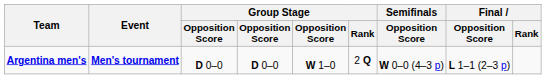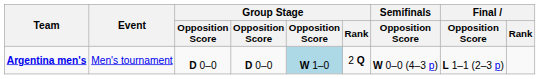 <table class="wikitable" style="font-size:90%;text-align:center">
 <tr>
 <th rowspan="2">Team</th>
 <th rowspan="2">Event</th>
 <th colspan="4">Group Stage</th>
 <th>Semifinals</th>
 <th colspan="2">Final / </th>
 </tr>
 <tr style="font-size:95%">
 <th>Opposition<br>Score</th>
 <th>Opposition<br>Score</th>
 <th>Opposition<br>Score</th>
 <th>Rank</th>
 <th>Opposition<br>Score</th>
 <th>Opposition<br>Score</th>
 <th>Rank</th>
 </tr>
 <tr>
 <td align=left><strong><a href='#'>Argentina men's</a></strong></td>
-<td align=left><strong><a href='#'>Men's tournament</a></strong></td>
+<td align=left><a href='#'>Men's tournament</a></td>
 <td><br><strong>D</strong> 0–0</td>
 <td><br><strong>D</strong> 0–0</td>
-<td><br><strong>W</strong> 1–0</td>
+<td style="background: lightblue;"><br><strong>W</strong> 1–0</td>
 <td>2 <strong>Q</strong></td>
 <td><br><strong>W</strong> 0–0 (4–3 <a href='#'>p</a>)</td>
 <td><br><strong>L</strong> 1–1 (2–3 <a href='#'>p</a>)</td>
 <td></td>
 </tr>
 </table>
